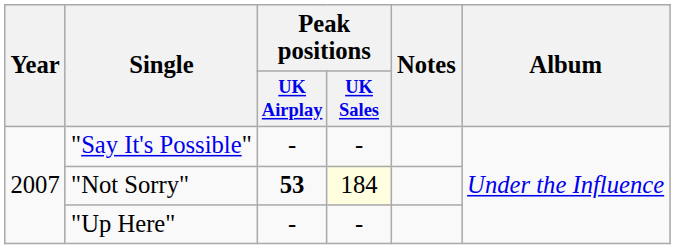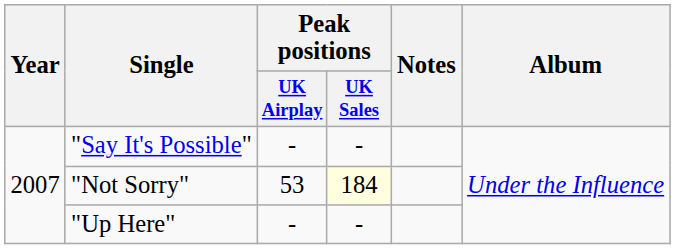 <table class="wikitable">
 <tr>
 <th rowspan="2">Year</th>
 <th rowspan="2">Single</th>
 <th colspan="2">Peak positions</th>
 <th rowspan="2">Notes</th>
 <th rowspan="2">Album</th>
 </tr>
 <tr>
 <th style="width:3em;font-size:75%"><a href='#'>UK Airplay</a></th>
 <th style="width:3em;font-size:75%"><a href='#'>UK Sales</a></th>
 </tr>
 <tr>
 <td rowspan="3">2007</td>
 <td style="text-align:left;">"<a href='#'>Say It's Possible</a>"</td>
 <td style="text-align:center;">-</td>
 <td style="text-align:center;">-</td>
 <td style="text-align:left;"></td>
 <td rowspan="3"><em><a href='#'>Under the Influence</a></em></td>
 </tr>
 <tr>
 <td style="text-align:left;">"Not Sorry"</td>
-<td style="text-align:center;"><strong>53</strong></td>
+<td style="text-align:center;">53</td>
 <td style="background: lightyellow; text-align:center;">184</td>
 <td align="left"></td>
 </tr>
 <tr>
 <td style="text-align:left;">"Up Here"</td>
 <td style="text-align:center;">-</td>
 <td style="text-align:center;">-</td>
 <td align="left"></td>
 </tr>
 </table>
